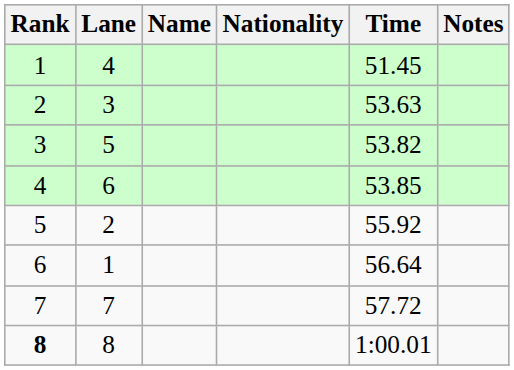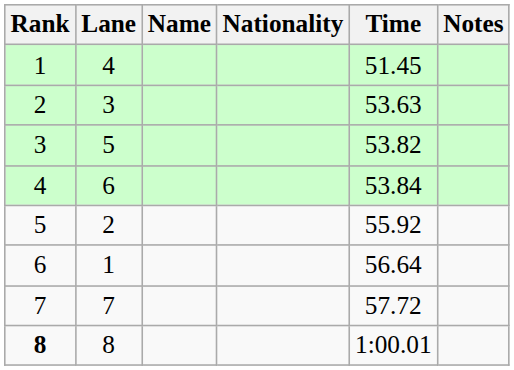 <table class="wikitable sortable" style="text-align:center">
 <tr>
 <th>Rank</th>
 <th>Lane</th>
 <th>Name</th>
 <th>Nationality</th>
 <th>Time</th>
 <th>Notes</th>
 </tr>
 <tr bgcolor=ccffcc>
 <td>1</td>
 <td>4</td>
 <td align=left></td>
 <td align=left></td>
 <td>51.45</td>
 <td><strong></strong> <strong></strong></td>
 </tr>
 <tr bgcolor=ccffcc>
 <td>2</td>
 <td>3</td>
 <td align=left></td>
 <td align=left></td>
 <td>53.63</td>
 <td><strong></strong></td>
 </tr>
 <tr bgcolor=ccffcc>
 <td>3</td>
 <td>5</td>
 <td align=left></td>
 <td align=left></td>
 <td>53.82</td>
 <td><strong></strong></td>
 </tr>
 <tr bgcolor=ccffcc>
 <td>4</td>
 <td>6</td>
 <td align=left></td>
 <td align=left></td>
-<td>53.85</td>
+<td>53.84</td>
 <td><strong></strong></td>
 </tr>
 <tr>
 <td>5</td>
 <td>2</td>
 <td align=left></td>
 <td align=left></td>
 <td>55.92</td>
 <td></td>
 </tr>
 <tr>
 <td>6</td>
 <td>1</td>
 <td align=left></td>
 <td align=left></td>
 <td>56.64</td>
 <td></td>
 </tr>
 <tr>
 <td>7</td>
 <td>7</td>
 <td align=left></td>
 <td align=left></td>
 <td>57.72</td>
 <td></td>
 </tr>
 <tr>
 <td><strong>8</strong></td>
 <td>8</td>
 <td align=left></td>
 <td align=left></td>
 <td>1:00.01</td>
 <td></td>
 </tr>
 </table>
